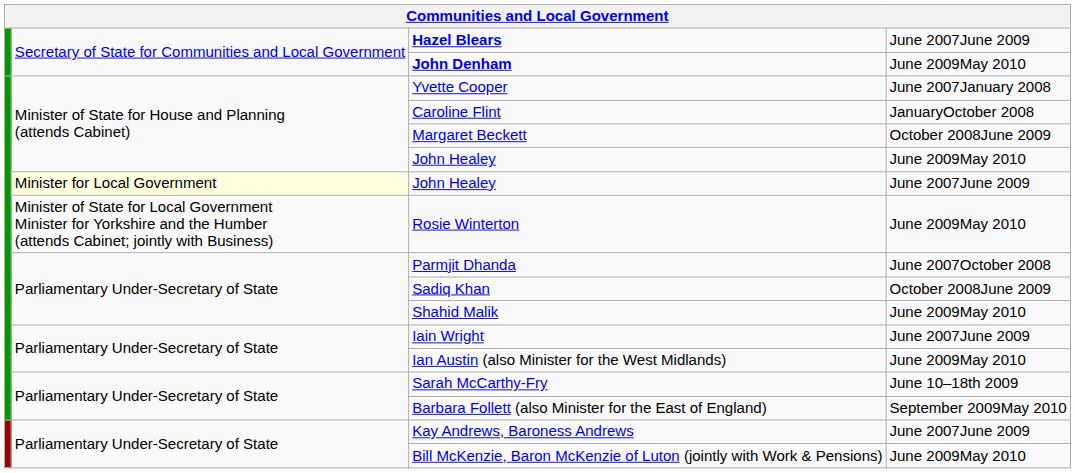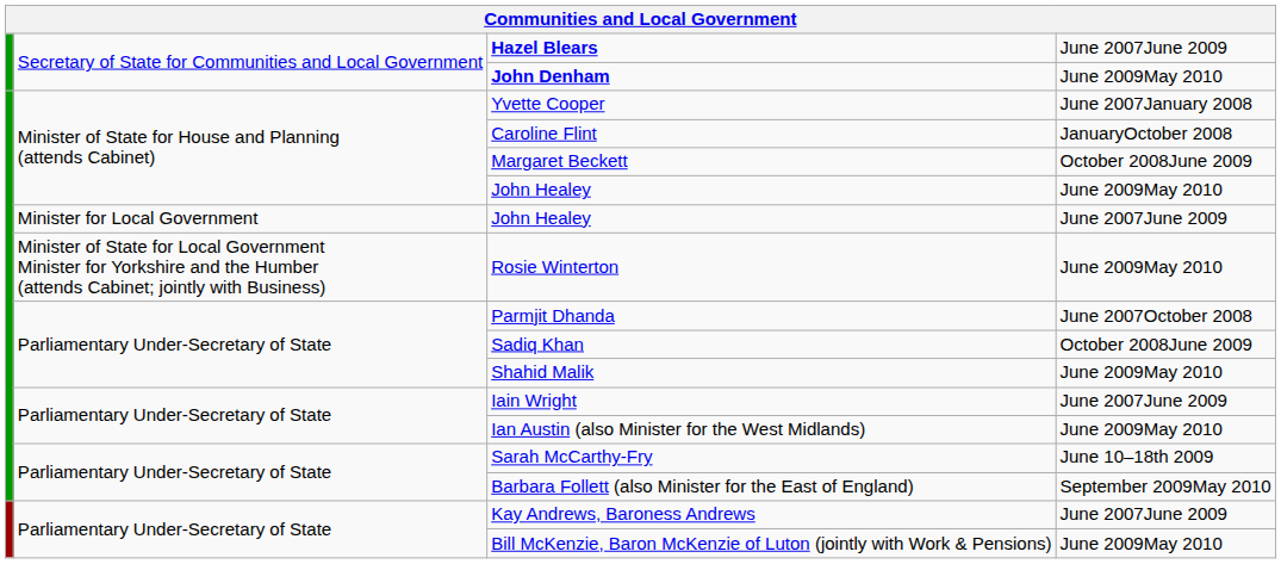 <table class="wikitable">
 <tr>
 <th colspan=4><a href='#'>Communities and Local Government</a></th>
 </tr>
 <tr>
 <td rowspan=2 bgcolor="009900"></td>
 <td rowspan=2><a href='#'>Secretary of State for Communities and Local Government</a></td>
 <td><strong><a href='#'>Hazel Blears</a></strong></td>
 <td>June 2007June 2009</td>
 </tr>
 <tr>
 <td><strong><a href='#'>John Denham</a></strong></td>
 <td>June 2009May 2010</td>
 </tr>
 <tr>
 <td rowspan=13 bgcolor="009900"></td>
 <td rowspan= 4>Minister of State for House and Planning<br>(attends Cabinet)</td>
 <td><a href='#'>Yvette Cooper</a></td>
 <td>June 2007January 2008</td>
 </tr>
 <tr>
 <td><a href='#'>Caroline Flint</a></td>
 <td>JanuaryOctober 2008</td>
 </tr>
 <tr>
 <td><a href='#'>Margaret Beckett</a></td>
 <td>October 2008June 2009</td>
 </tr>
 <tr>
 <td><a href='#'>John Healey</a></td>
 <td>June 2009May 2010</td>
 </tr>
 <tr>
-<td style="background: lightyellow;">Minister for Local Government</td>
+<td>Minister for Local Government</td>
 <td><a href='#'>John Healey</a></td>
 <td>June 2007June 2009</td>
 </tr>
 <tr>
 <td>Minister of State for Local Government<br>Minister for Yorkshire and the Humber<br>(attends Cabinet; jointly with Business)</td>
 <td><a href='#'>Rosie Winterton</a></td>
 <td>June 2009May 2010</td>
 </tr>
 <tr>
 <td rowspan=3>Parliamentary Under-Secretary of State</td>
 <td><a href='#'>Parmjit Dhanda</a></td>
 <td>June 2007October 2008</td>
 </tr>
 <tr>
 <td><a href='#'>Sadiq Khan</a></td>
 <td>October 2008June 2009</td>
 </tr>
 <tr>
 <td><a href='#'>Shahid Malik</a></td>
 <td>June 2009May 2010</td>
 </tr>
 <tr>
 <td rowspan=2>Parliamentary Under-Secretary of State</td>
 <td><a href='#'>Iain Wright</a></td>
 <td>June 2007June 2009</td>
 </tr>
 <tr>
 <td><a href='#'>Ian Austin</a> (also Minister for the West Midlands)</td>
 <td>June 2009May 2010</td>
 </tr>
 <tr>
 <td rowspan=2>Parliamentary Under-Secretary of State</td>
 <td><a href='#'>Sarah McCarthy-Fry</a></td>
 <td>June 10–18th 2009</td>
 </tr>
 <tr>
 <td><a href='#'>Barbara Follett</a> (also Minister for the East of England)</td>
 <td>September 2009May 2010</td>
 </tr>
 <tr>
 <td rowspan=2 bgcolor="990000"></td>
 <td rowspan=2>Parliamentary Under-Secretary of State</td>
 <td><a href='#'>Kay Andrews, Baroness Andrews</a></td>
 <td>June 2007June 2009</td>
 </tr>
 <tr>
 <td><a href='#'>Bill McKenzie, Baron McKenzie of Luton</a> (jointly with Work & Pensions)</td>
 <td>June 2009May 2010</td>
 </tr>
 </table>
